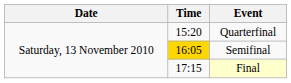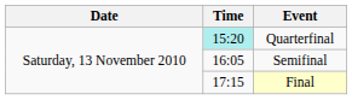 <table class = "wikitable" style="text-align:center;">
 <tr>
 <th width=220>Date</th>
 <th width=50>Time</th>
 <th width=100>Event</th>
 </tr>
 <tr>
 <td rowspan=3>Saturday, 13 November 2010</td>
-<td>15:20</td>
+<td style="background: paleturquoise;">15:20</td>
 <td>Quarterfinal</td>
 </tr>
 <tr>
-<td style="background: gold;">16:05</td>
+<td>16:05</td>
 <td>Semifinal</td>
 </tr>
 <tr>
 <td>17:15</td>
 <td bgcolor=ffffcc>Final</td>
 </tr>
 </table>
